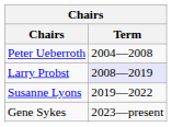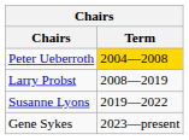 <table class="wikitable collapsible collapsed">
 <tr>
 <th colspan="3">Chairs</th>
 </tr>
 <tr>
 <th>Chairs</th>
 <th>Term</th>
 </tr>
 <tr>
 <td><a href='#'>Peter Ueberroth</a></td>
-<td>2004—2008</td>
+<td style="background: gold;">2004—2008</td>
 </tr>
 <tr>
 <td><a href='#'>Larry Probst</a></td>
-<td style="background: lavender;">2008—2019</td>
+<td>2008—2019</td>
 </tr>
 <tr>
 <td><a href='#'>Susanne Lyons</a></td>
 <td>2019—2022</td>
 </tr>
 <tr>
 <td>Gene Sykes</td>
 <td>2023—present</td>
 </tr>
 </table>
